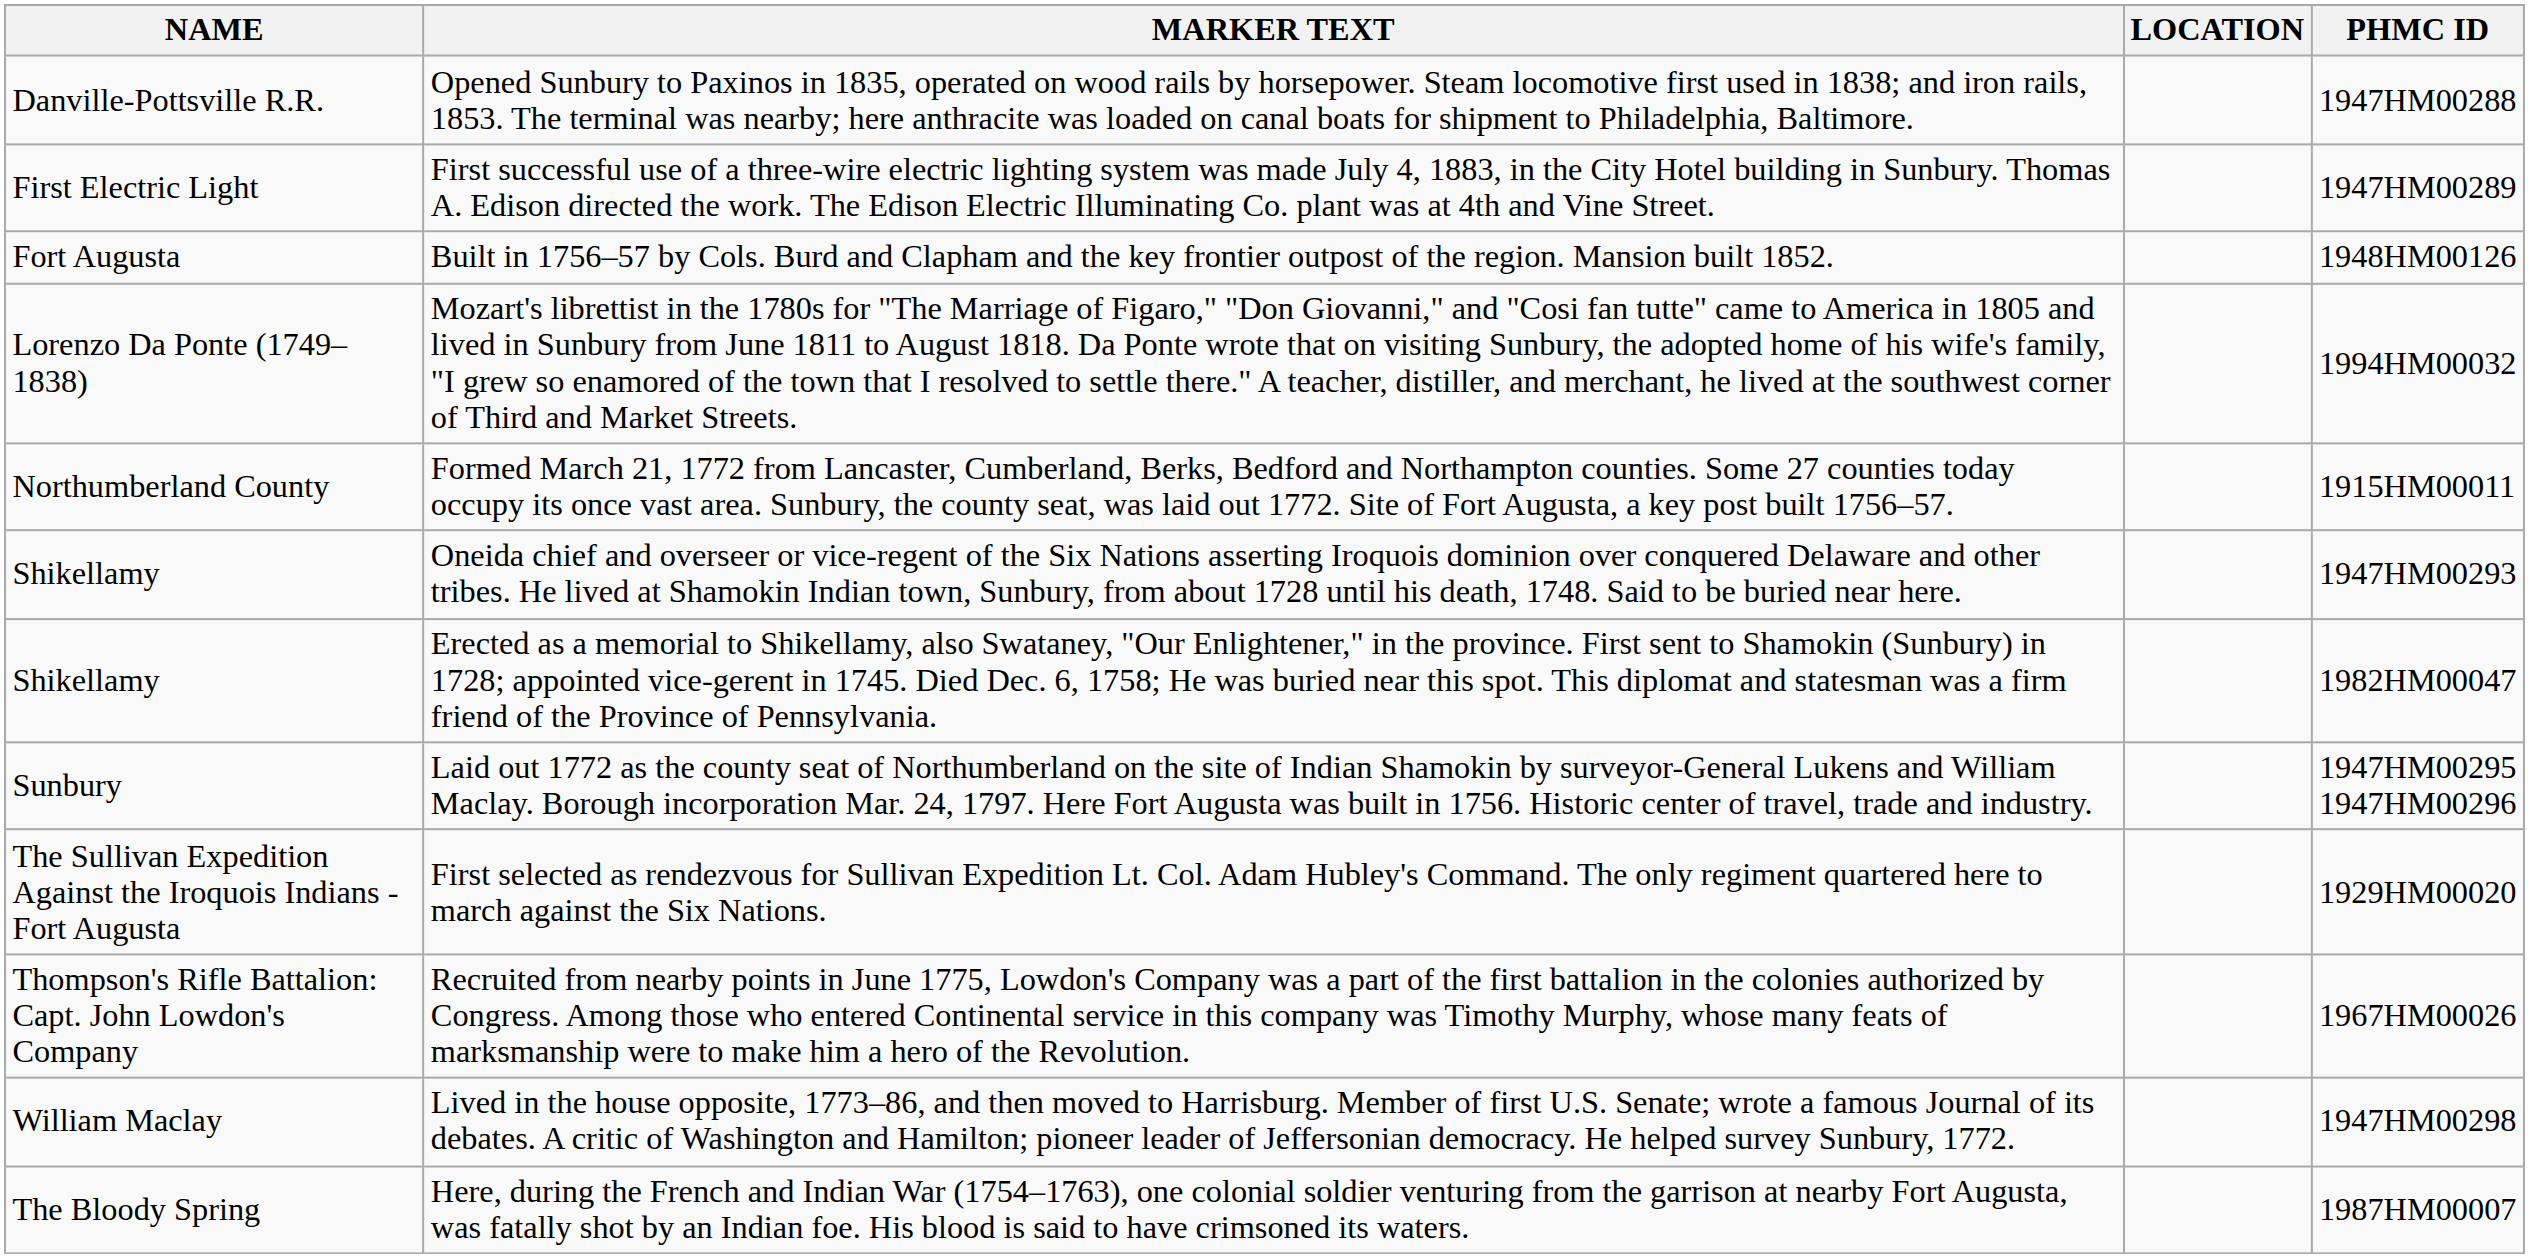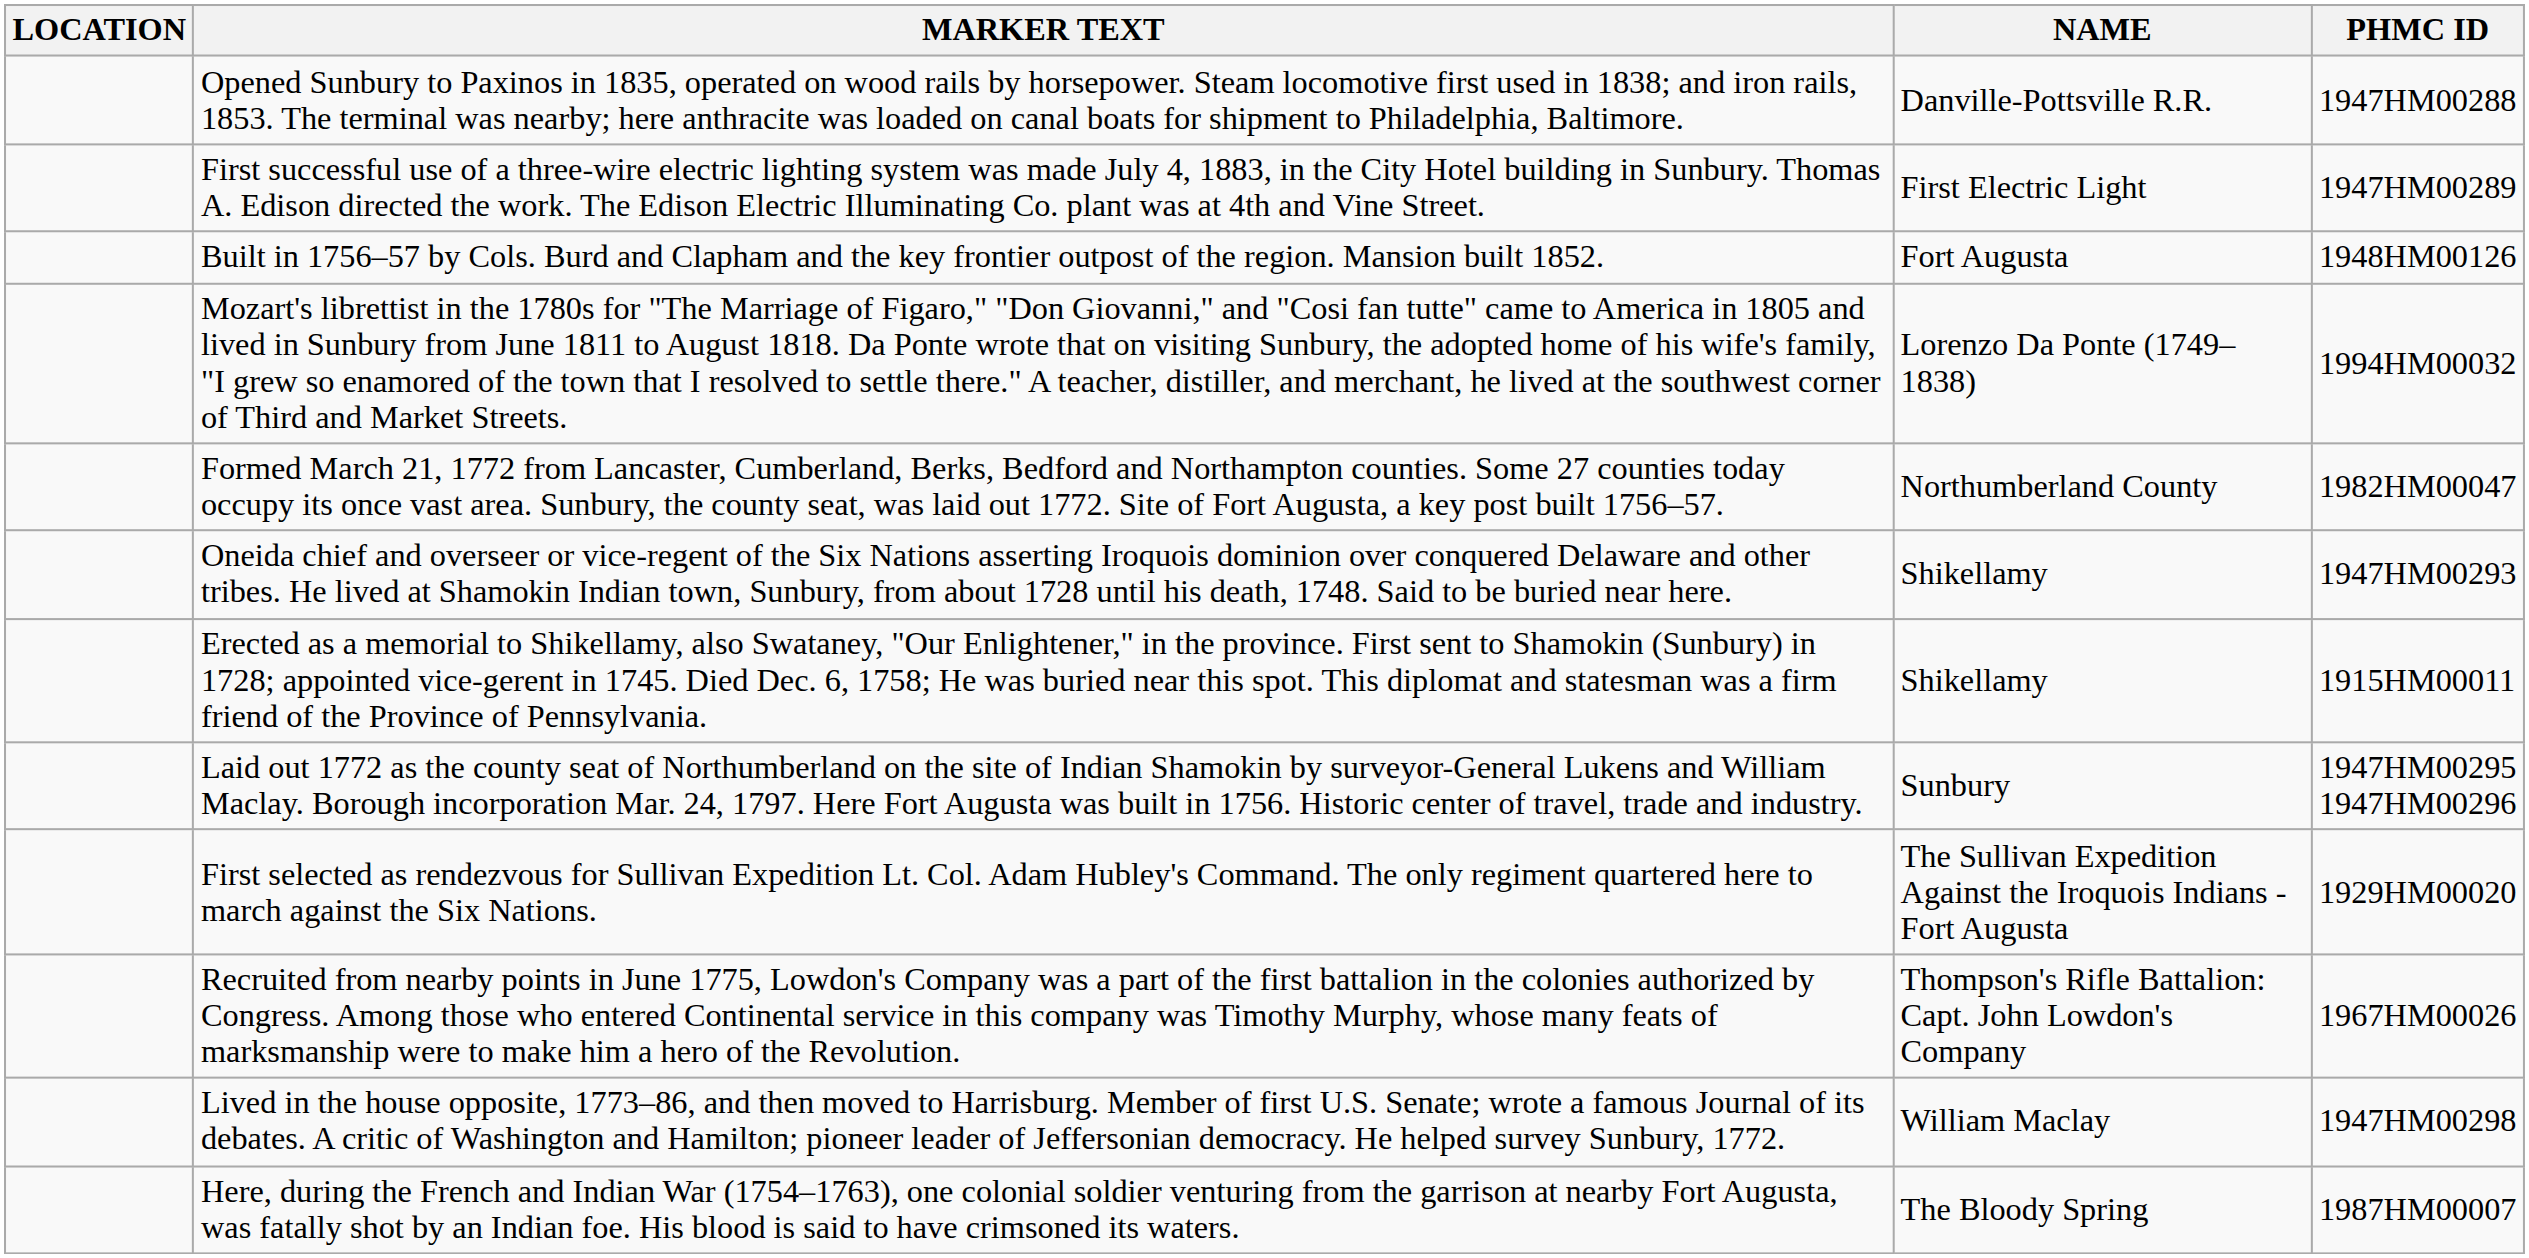 <table class="wikitable">
 <tr>
+<th>LOCATION</th>
+<th>MARKER TEXT</th>
 <th>NAME</th>
-<th>MARKER TEXT</th>
-<th>LOCATION</th>
 <th>PHMC ID</th>
 </tr>
 <tr>
+<td></td>
+<td>Opened Sunbury to Paxinos in 1835, operated on wood rails by horsepower. Steam locomotive first used in 1838; and iron rails, 1853. The terminal was nearby; here anthracite was loaded on canal boats for shipment to Philadelphia, Baltimore.</td>
 <td>Danville-Pottsville R.R.</td>
-<td>Opened Sunbury to Paxinos in 1835, operated on wood rails by horsepower. Steam locomotive first used in 1838; and iron rails, 1853. The terminal was nearby; here anthracite was loaded on canal boats for shipment to Philadelphia, Baltimore.</td>
-<td></td>
 <td>1947HM00288</td>
 </tr>
 <tr>
+<td></td>
+<td>First successful use of a three-wire electric lighting system was made July 4, 1883, in the City Hotel building in Sunbury. Thomas A. Edison directed the work. The Edison Electric Illuminating Co. plant was at 4th and Vine Street.</td>
 <td>First Electric Light</td>
-<td>First successful use of a three-wire electric lighting system was made July 4, 1883, in the City Hotel building in Sunbury. Thomas A. Edison directed the work. The Edison Electric Illuminating Co. plant was at 4th and Vine Street.</td>
-<td></td>
 <td>1947HM00289</td>
 </tr>
 <tr>
+<td></td>
+<td>Built in 1756–57 by Cols. Burd and Clapham and the key frontier outpost of the region. Mansion built 1852.</td>
 <td>Fort Augusta</td>
-<td>Built in 1756–57 by Cols. Burd and Clapham and the key frontier outpost of the region. Mansion built 1852.</td>
-<td></td>
 <td>1948HM00126</td>
 </tr>
 <tr>
+<td></td>
+<td>Mozart's librettist in the 1780s for "The Marriage of Figaro," "Don Giovanni," and "Cosi fan tutte" came to America in 1805 and lived in Sunbury from June 1811 to August 1818. Da Ponte wrote that on visiting Sunbury, the adopted home of his wife's family, "I grew so enamored of the town that I resolved to settle there." A teacher, distiller, and merchant, he lived at the southwest corner of Third and Market Streets.</td>
 <td>Lorenzo Da Ponte (1749–1838)</td>
-<td>Mozart's librettist in the 1780s for "The Marriage of Figaro," "Don Giovanni," and "Cosi fan tutte" came to America in 1805 and lived in Sunbury from June 1811 to August 1818. Da Ponte wrote that on visiting Sunbury, the adopted home of his wife's family, "I grew so enamored of the town that I resolved to settle there." A teacher, distiller, and merchant, he lived at the southwest corner of Third and Market Streets.</td>
-<td></td>
 <td>1994HM00032</td>
 </tr>
 <tr>
+<td></td>
+<td>Formed March 21, 1772 from Lancaster, Cumberland, Berks, Bedford and Northampton counties. Some 27 counties today occupy its once vast area. Sunbury, the county seat, was laid out 1772. Site of Fort Augusta, a key post built 1756–57.</td>
 <td>Northumberland County</td>
-<td>Formed March 21, 1772 from Lancaster, Cumberland, Berks, Bedford and Northampton counties. Some 27 counties today occupy its once vast area. Sunbury, the county seat, was laid out 1772. Site of Fort Augusta, a key post built 1756–57.</td>
+<td>1982HM00047</td>
+</tr>
+<tr>
 <td></td>
+<td>Oneida chief and overseer or vice-regent of the Six Nations asserting Iroquois dominion over conquered Delaware and other tribes. He lived at Shamokin Indian town, Sunbury, from about 1728 until his death, 1748. Said to be buried near here.</td>
+<td>Shikellamy</td>
+<td>1947HM00293</td>
+</tr>
+<tr>
+<td></td>
+<td>Erected as a memorial to Shikellamy, also Swataney, "Our Enlightener," in the province. First sent to Shamokin (Sunbury) in 1728; appointed vice-gerent in 1745. Died Dec. 6, 1758; He was buried near this spot. This diplomat and statesman was a firm friend of the Province of Pennsylvania.</td>
+<td>Shikellamy</td>
 <td>1915HM00011</td>
 </tr>
 <tr>
-<td>Shikellamy</td>
-<td>Oneida chief and overseer or vice-regent of the Six Nations asserting Iroquois dominion over conquered Delaware and other tribes. He lived at Shamokin Indian town, Sunbury, from about 1728 until his death, 1748. Said to be buried near here.</td>
-<td></td>
-<td>1947HM00293</td>
-</tr>
-<tr>
-<td>Shikellamy</td>
-<td>Erected as a memorial to Shikellamy, also Swataney, "Our Enlightener," in the province. First sent to Shamokin (Sunbury) in 1728; appointed vice-gerent in 1745. Died Dec. 6, 1758; He was buried near this spot. This diplomat and statesman was a firm friend of the Province of Pennsylvania.</td>
-<td></td>
-<td>1982HM00047</td>
-</tr>
-<tr>
+<td><br></td>
+<td>Laid out 1772 as the county seat of Northumberland on the site of Indian Shamokin by surveyor-General Lukens and William Maclay. Borough incorporation Mar. 24, 1797. Here Fort Augusta was built in 1756. Historic center of travel, trade and industry.</td>
 <td>Sunbury</td>
-<td>Laid out 1772 as the county seat of Northumberland on the site of Indian Shamokin by surveyor-General Lukens and William Maclay. Borough incorporation Mar. 24, 1797. Here Fort Augusta was built in 1756. Historic center of travel, trade and industry.</td>
-<td><br></td>
 <td>1947HM00295<br>1947HM00296</td>
 </tr>
 <tr>
+<td></td>
+<td>First selected as rendezvous for Sullivan Expedition Lt. Col. Adam Hubley's Command. The only regiment quartered here to march against the Six Nations.</td>
 <td>The Sullivan Expedition Against the Iroquois Indians - Fort Augusta</td>
-<td>First selected as rendezvous for Sullivan Expedition Lt. Col. Adam Hubley's Command. The only regiment quartered here to march against the Six Nations.</td>
-<td></td>
 <td>1929HM00020</td>
 </tr>
 <tr>
+<td></td>
+<td>Recruited from nearby points in June 1775, Lowdon's Company was a part of the first battalion in the colonies authorized by Congress. Among those who entered Continental service in this company was Timothy Murphy, whose many feats of marksmanship were to make him a hero of the Revolution.</td>
 <td>Thompson's Rifle Battalion: Capt. John Lowdon's Company</td>
-<td>Recruited from nearby points in June 1775, Lowdon's Company was a part of the first battalion in the colonies authorized by Congress. Among those who entered Continental service in this company was Timothy Murphy, whose many feats of marksmanship were to make him a hero of the Revolution.</td>
-<td></td>
 <td>1967HM00026</td>
 </tr>
 <tr>
+<td></td>
+<td>Lived in the house opposite, 1773–86, and then moved to Harrisburg. Member of first U.S. Senate; wrote a famous Journal of its debates. A critic of Washington and Hamilton; pioneer leader of Jeffersonian democracy. He helped survey Sunbury, 1772.</td>
 <td>William Maclay</td>
-<td>Lived in the house opposite, 1773–86, and then moved to Harrisburg. Member of first U.S. Senate; wrote a famous Journal of its debates. A critic of Washington and Hamilton; pioneer leader of Jeffersonian democracy. He helped survey Sunbury, 1772.</td>
-<td></td>
 <td>1947HM00298</td>
 </tr>
 <tr>
+<td></td>
+<td>Here, during the French and Indian War (1754–1763), one colonial soldier venturing from the garrison at nearby Fort Augusta, was fatally shot by an Indian foe. His blood is said to have crimsoned its waters.</td>
 <td>The Bloody Spring</td>
-<td>Here, during the French and Indian War (1754–1763), one colonial soldier venturing from the garrison at nearby Fort Augusta, was fatally shot by an Indian foe. His blood is said to have crimsoned its waters.</td>
-<td></td>
 <td>1987HM00007</td>
 </tr>
 </table>
